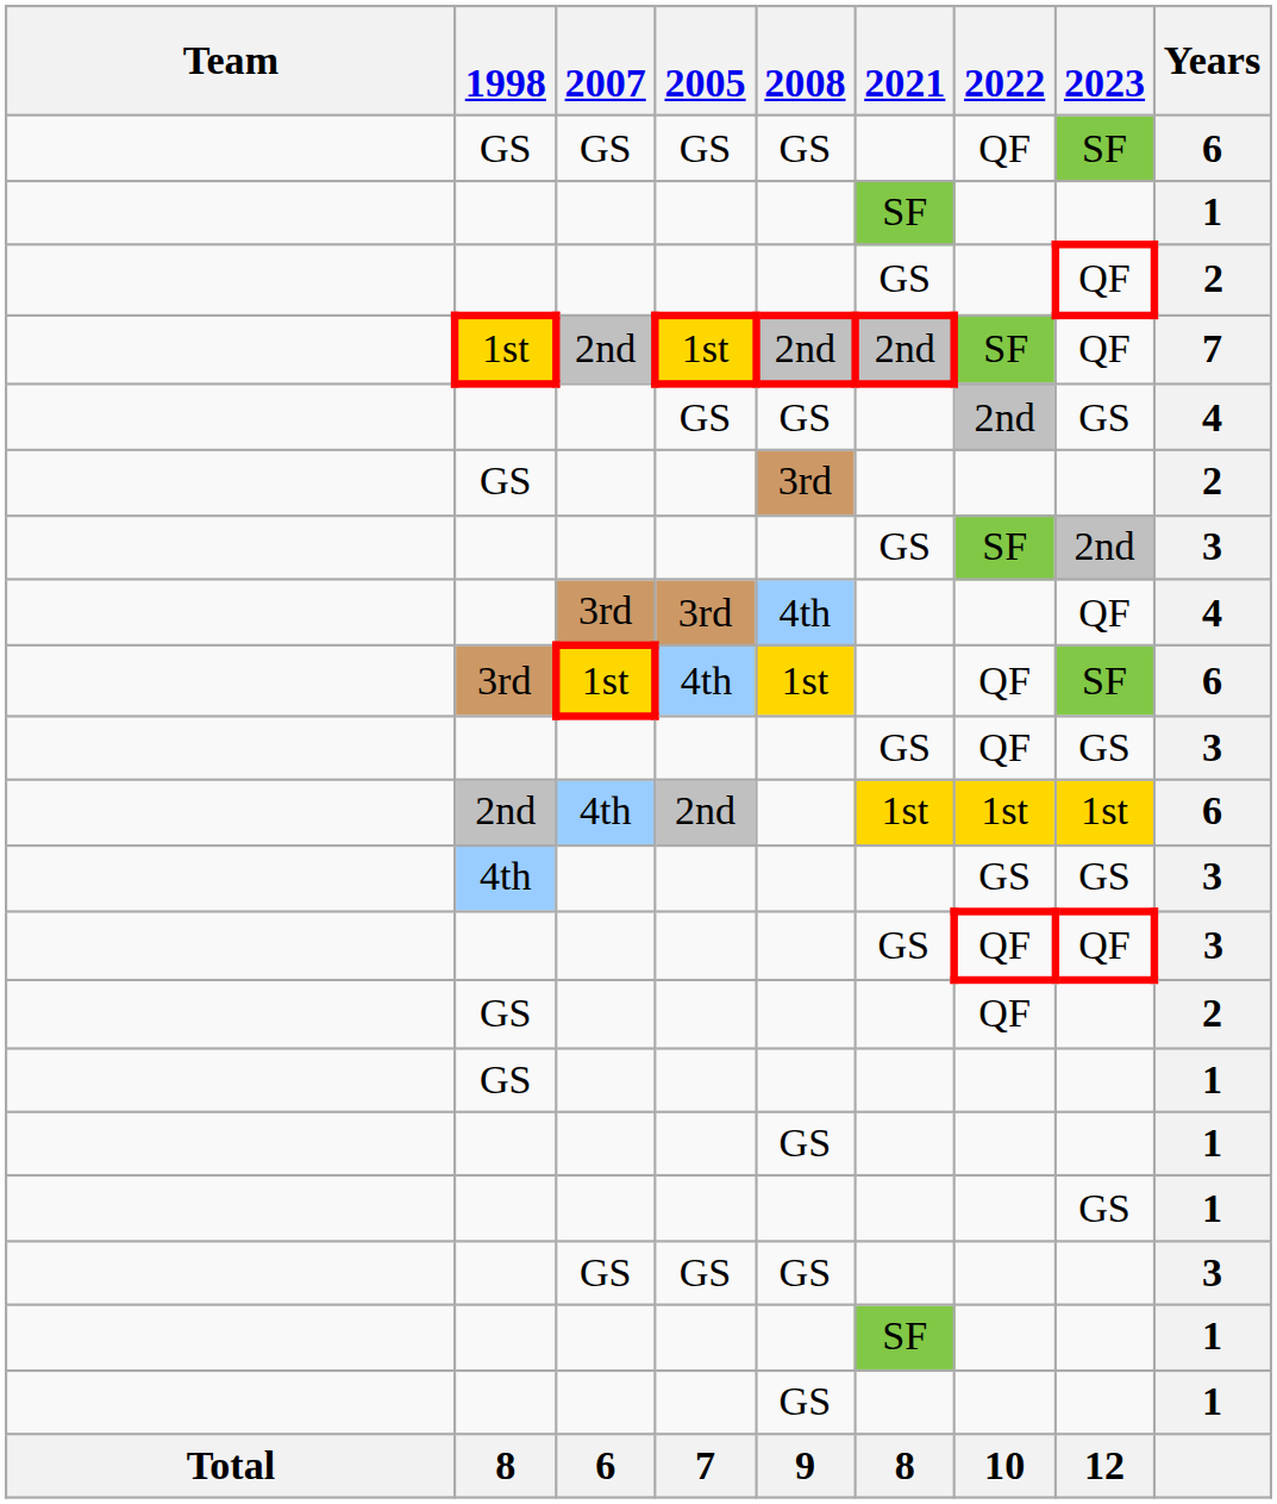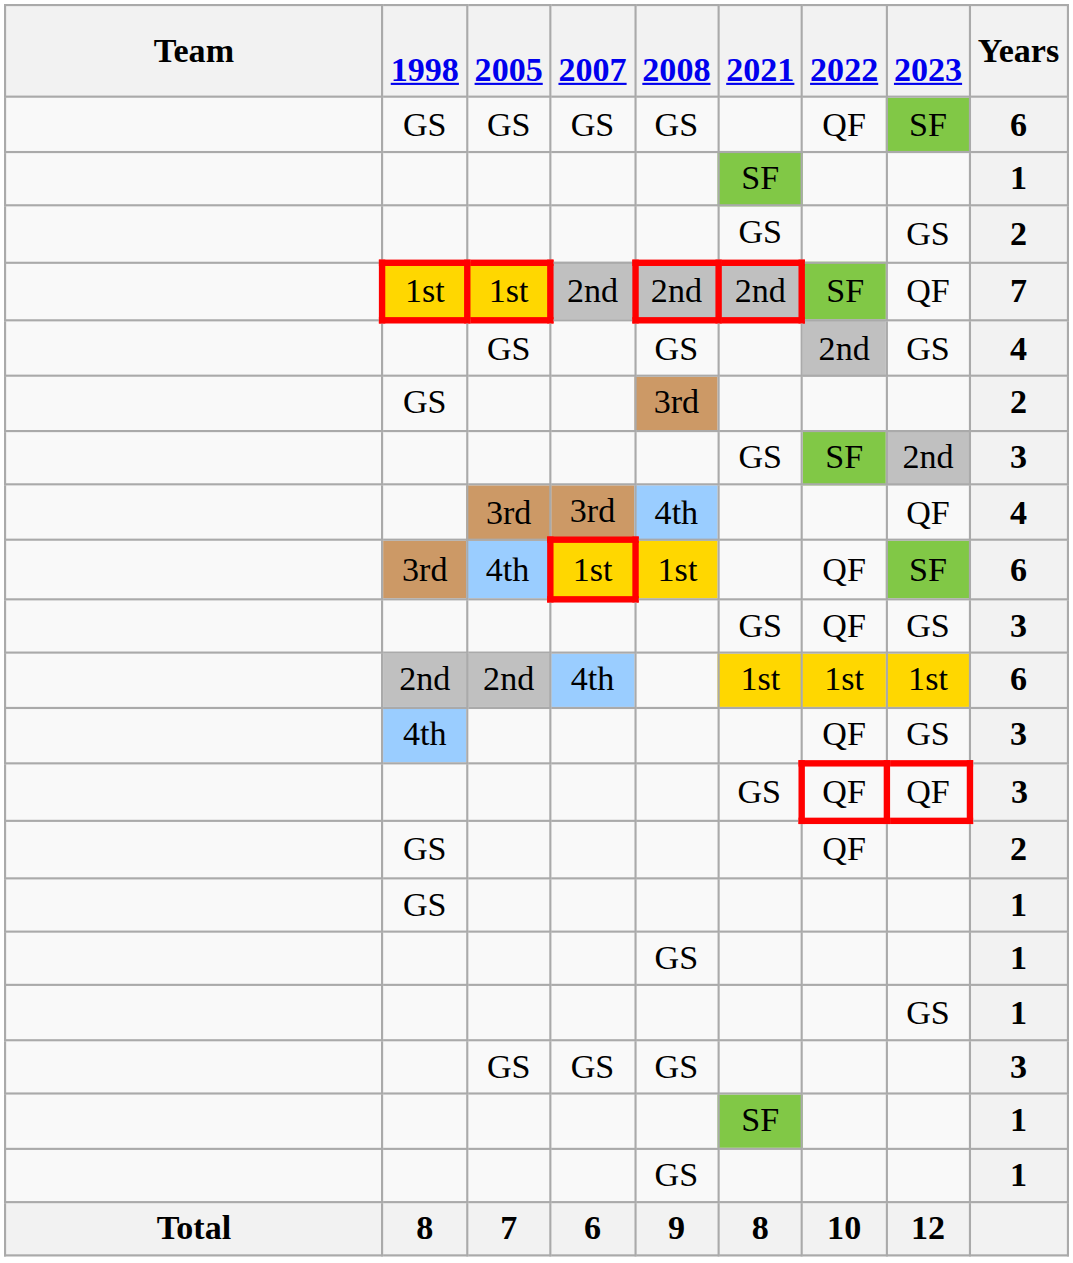 <table class="wikitable" style="text-align: center">
 <tr>
 <th width=170>Team</th>
 <th><br><a href='#'>1998</a></th>
+<th><br><a href='#'>2005</a></th>
 <th><br><a href='#'>2007</a></th>
-<th><br><a href='#'>2005</a></th>
 <th><br><a href='#'>2008</a></th>
 <th><br><a href='#'>2021</a></th>
 <th><br><a href='#'>2022</a></th>
 <th><br><a href='#'>2023</a></th>
 <th>Years</th>
 </tr>
 <tr>
 <td align=left></td>
 <td>GS</td>
 <td>GS</td>
 <td>GS</td>
 <td>GS</td>
 <td></td>
 <td>QF</td>
 <td bgcolor=#81c846>SF</td>
 <th>6</th>
 </tr>
 <tr>
 <td align=left></td>
 <td></td>
 <td></td>
 <td></td>
 <td></td>
 <td bgcolor=#81c846>SF</td>
 <td></td>
 <td></td>
 <th>1</th>
 </tr>
 <tr>
 <td align=left></td>
 <td></td>
 <td></td>
 <td></td>
 <td></td>
 <td>GS</td>
 <td></td>
-<td style="border:3px solid red">QF</td>
+<td>GS</td>
 <th>2</th>
 </tr>
 <tr>
 <td align=left></td>
 <td bgcolor=gold style="border:3px solid red">1st</td>
+<td bgcolor=gold style="border:3px solid red">1st</td>
 <td bgcolor=silver>2nd</td>
-<td bgcolor=gold style="border:3px solid red">1st</td>
 <td bgcolor=silver style="border:3px solid red">2nd</td>
 <td bgcolor=silver style="border:3px solid red">2nd</td>
 <td bgcolor=#81c846>SF</td>
 <td>QF</td>
 <th>7</th>
 </tr>
 <tr>
 <td align=left></td>
 <td></td>
+<td>GS</td>
 <td></td>
-<td>GS</td>
 <td>GS</td>
 <td></td>
 <td bgcolor=silver>2nd</td>
 <td>GS</td>
 <th>4</th>
 </tr>
 <tr>
 <td align=left></td>
 <td>GS</td>
 <td></td>
 <td></td>
 <td bgcolor=#cc9966>3rd</td>
 <td></td>
 <td></td>
 <td></td>
 <th>2</th>
 </tr>
 <tr>
 <td align=left></td>
 <td></td>
 <td></td>
 <td></td>
 <td></td>
 <td>GS</td>
 <td bgcolor=#81c846>SF</td>
 <td bgcolor=silver>2nd</td>
 <th>3</th>
 </tr>
 <tr>
 <td align=left></td>
 <td></td>
 <td bgcolor=#cc9966>3rd</td>
 <td bgcolor=#cc9966>3rd</td>
 <td bgcolor=#9acdff>4th</td>
 <td></td>
 <td></td>
 <td>QF</td>
 <th>4</th>
 </tr>
 <tr>
 <td align=left></td>
 <td bgcolor=#cc9966>3rd</td>
+<td bgcolor=#9acdff>4th</td>
 <td bgcolor=gold style="border:3px solid red">1st</td>
-<td bgcolor=#9acdff>4th</td>
 <td bgcolor=gold>1st</td>
 <td></td>
 <td>QF</td>
 <td bgcolor=#81c846>SF</td>
 <th>6</th>
 </tr>
 <tr>
 <td align=left></td>
 <td></td>
 <td></td>
 <td></td>
 <td></td>
 <td>GS</td>
 <td>QF</td>
 <td>GS</td>
 <th>3</th>
 </tr>
 <tr>
 <td align=left></td>
 <td bgcolor=silver>2nd</td>
+<td bgcolor=silver>2nd</td>
 <td bgcolor=#9acdff>4th</td>
-<td bgcolor=silver>2nd</td>
 <td></td>
 <td bgcolor=gold>1st</td>
 <td bgcolor=gold>1st</td>
 <td bgcolor=gold>1st</td>
 <th>6</th>
 </tr>
 <tr>
 <td align=left></td>
 <td bgcolor=#9acdff>4th</td>
 <td></td>
 <td></td>
 <td></td>
 <td></td>
-<td>GS</td>
+<td>QF</td>
 <td>GS</td>
 <th>3</th>
 </tr>
 <tr>
 <td align=left></td>
 <td></td>
 <td></td>
 <td></td>
 <td></td>
 <td>GS</td>
 <td style="border:3px solid red">QF</td>
 <td style="border:3px solid red">QF</td>
 <th>3</th>
 </tr>
 <tr>
 <td align=left></td>
 <td>GS</td>
 <td></td>
 <td></td>
 <td></td>
 <td></td>
 <td>QF</td>
 <td></td>
 <th>2</th>
 </tr>
 <tr>
 <td align=left></td>
 <td>GS</td>
 <td></td>
 <td></td>
 <td></td>
 <td></td>
 <td></td>
 <td></td>
 <th>1</th>
 </tr>
 <tr>
 <td align=left></td>
 <td></td>
 <td></td>
 <td></td>
 <td>GS</td>
 <td></td>
 <td></td>
 <td></td>
 <th>1</th>
 </tr>
 <tr>
 <td align=left></td>
 <td></td>
 <td></td>
 <td></td>
 <td></td>
 <td></td>
 <td></td>
 <td>GS</td>
 <th>1</th>
 </tr>
 <tr>
 <td align=left></td>
 <td></td>
 <td>GS</td>
 <td>GS</td>
 <td>GS</td>
 <td></td>
 <td></td>
 <td></td>
 <th>3</th>
 </tr>
 <tr>
 <td align=left></td>
 <td></td>
 <td></td>
 <td></td>
 <td></td>
 <td bgcolor=#81c846>SF</td>
 <td></td>
 <td></td>
 <th>1</th>
 </tr>
 <tr>
 <td align=left></td>
 <td></td>
 <td></td>
 <td></td>
 <td>GS</td>
 <td></td>
 <td></td>
 <td></td>
 <th>1</th>
 </tr>
 <tr>
 <th>Total</th>
 <th>8</th>
+<th>7</th>
 <th>6</th>
-<th>7</th>
 <th>9</th>
 <th>8</th>
 <th>10</th>
 <th>12</th>
 <th></th>
 </tr>
 </table>
